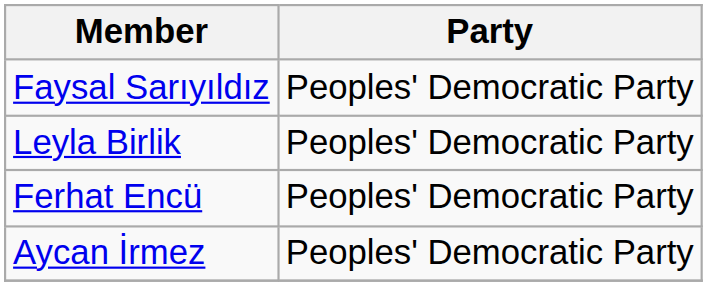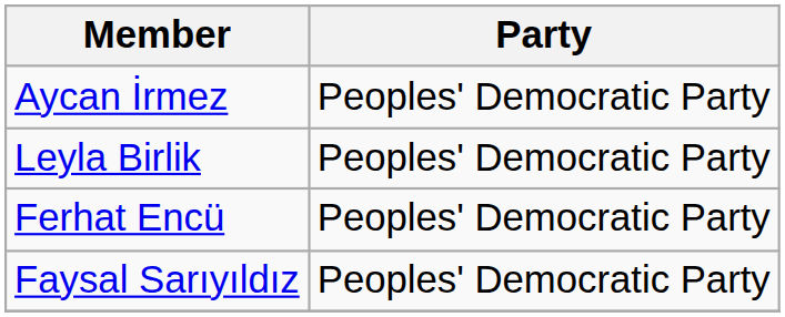 <table class="wikitable">
 <tr>
 <th>Member</th>
 <th>Party</th>
 </tr>
 <tr>
-<td><a href='#'>Faysal Sarıyıldız</a></td>
+<td><a href='#'>Aycan İrmez</a></td>
 <td style="background:">Peoples' Democratic Party</td>
 </tr>
 <tr>
 <td><a href='#'>Leyla Birlik</a></td>
 <td style="background:">Peoples' Democratic Party</td>
 </tr>
 <tr>
 <td><a href='#'>Ferhat Encü</a></td>
 <td style="background:">Peoples' Democratic Party</td>
 </tr>
 <tr>
-<td><a href='#'>Aycan İrmez</a></td>
+<td><a href='#'>Faysal Sarıyıldız</a></td>
 <td style="background:">Peoples' Democratic Party</td>
 </tr>
 <tr>
 </tr>
 </table>
